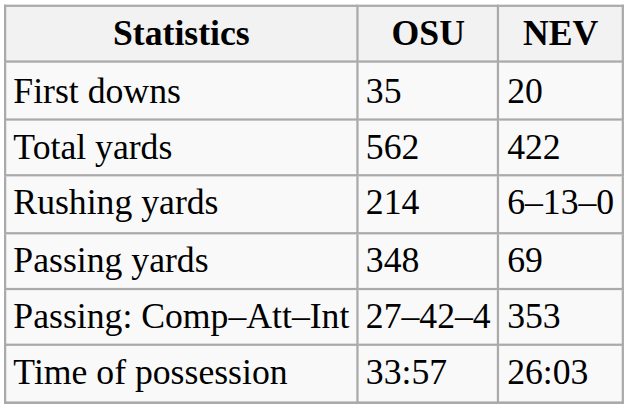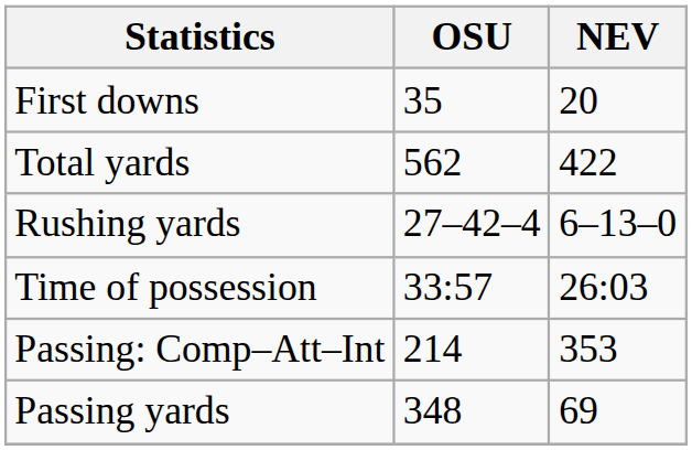 <table class="wikitable" style="float: left;">
 <tr>
 <th>Statistics</th>
 <th>OSU</th>
 <th>NEV</th>
 </tr>
 <tr>
 <td>First downs</td>
 <td>35</td>
 <td>20</td>
 </tr>
 <tr>
 <td>Total yards</td>
 <td>562</td>
 <td>422</td>
 </tr>
 <tr>
 <td>Rushing yards</td>
+<td>27–42–4</td>
+<td>6–13–0</td>
+</tr>
+<tr>
+<td>Time of possession</td>
+<td>33:57</td>
+<td>26:03</td>
+</tr>
+<tr>
+<td>Passing: Comp–Att–Int</td>
 <td>214</td>
-<td>6–13–0</td>
+<td>353</td>
 </tr>
 <tr>
 <td>Passing yards</td>
 <td>348</td>
 <td>69</td>
 </tr>
 <tr>
-<td>Passing: Comp–Att–Int</td>
-<td>27–42–4</td>
-<td>353</td>
-</tr>
-<tr>
-<td>Time of possession</td>
-<td>33:57</td>
-<td>26:03</td>
-</tr>
-<tr>
 </tr>
 </table>
